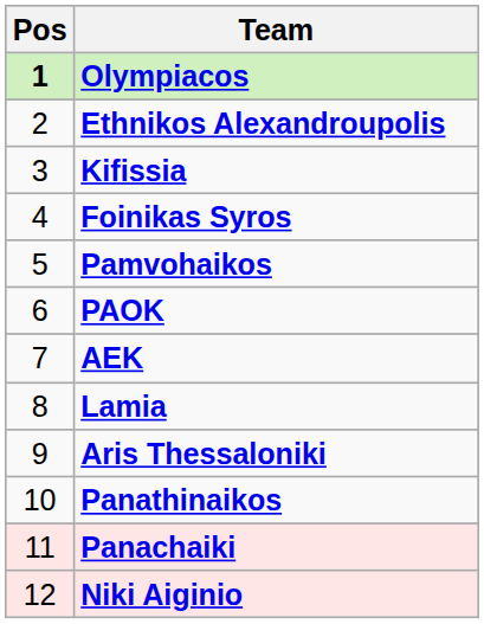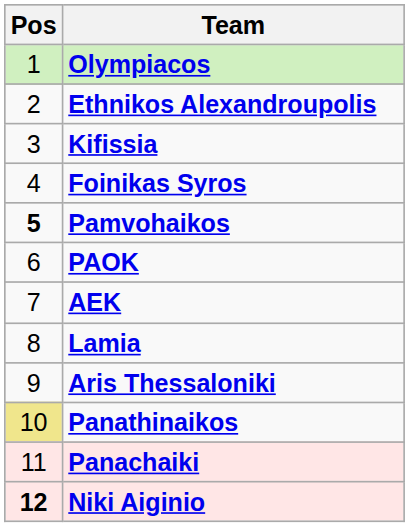 <table class="wikitable" style="text-align: center; font-size:95%">
 <tr>
 <th width="20">Pos</th>
 <th width="200">Team</th>
 </tr>
 <tr bgcolor="D0F0C0">
-<td><strong>1</strong></td>
+<td>1</td>
 <td align="left"><strong> <a href='#'>Olympiacos</a></strong></td>
 </tr>
 <tr>
 <td>2</td>
 <td align="left"><strong> <a href='#'>Ethnikos Alexandroupolis</a></strong></td>
 </tr>
 <tr>
 <td>3</td>
 <td align="left"><strong> <a href='#'>Kifissia</a></strong></td>
 </tr>
 <tr>
 <td>4</td>
 <td align="left"><strong><a href='#'>Foinikas Syros</a></strong></td>
 </tr>
 <tr>
-<td>5</td>
+<td><strong>5</strong></td>
 <td align="left"><strong><a href='#'>Pamvohaikos</a></strong></td>
 </tr>
 <tr>
 <td>6</td>
 <td align="left"><strong><a href='#'>PAOK</a></strong></td>
 </tr>
 <tr>
 <td>7</td>
 <td align="left"><strong> <a href='#'>AEK</a></strong></td>
 </tr>
 <tr>
 <td>8</td>
 <td align="left"><strong> <a href='#'>Lamia</a></strong></td>
 </tr>
 <tr>
 <td>9</td>
 <td align="left"><strong><a href='#'>Aris Thessaloniki</a></strong></td>
 </tr>
 <tr>
-<td>10</td>
+<td style="background: khaki;">10</td>
 <td align="left"><strong><a href='#'>Panathinaikos</a></strong></td>
 </tr>
 <tr bgcolor="FFE6E6">
 <td>11</td>
 <td align="left"><strong><a href='#'>Panachaiki</a></strong></td>
 </tr>
 <tr bgcolor="FFE6E6">
-<td>12</td>
+<td><strong>12</strong></td>
 <td align="left"><strong><a href='#'>Niki Aiginio</a></strong></td>
 </tr>
 </table>
